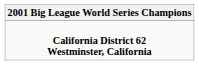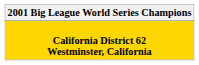 <table class="wikitable" style="text-align: center; margin: 0 auto;">
 <tr>
 <th>2001 Big League World Series Champions</th>
 </tr>
 <tr>
 </tr>
 <tr>
-<td><br><strong>California District 62</strong><br><strong>Westminster, California</strong></td>
+<td style="background: gold;"><br><strong>California District 62</strong><br><strong>Westminster, California</strong></td>
 </tr>
 </table>
